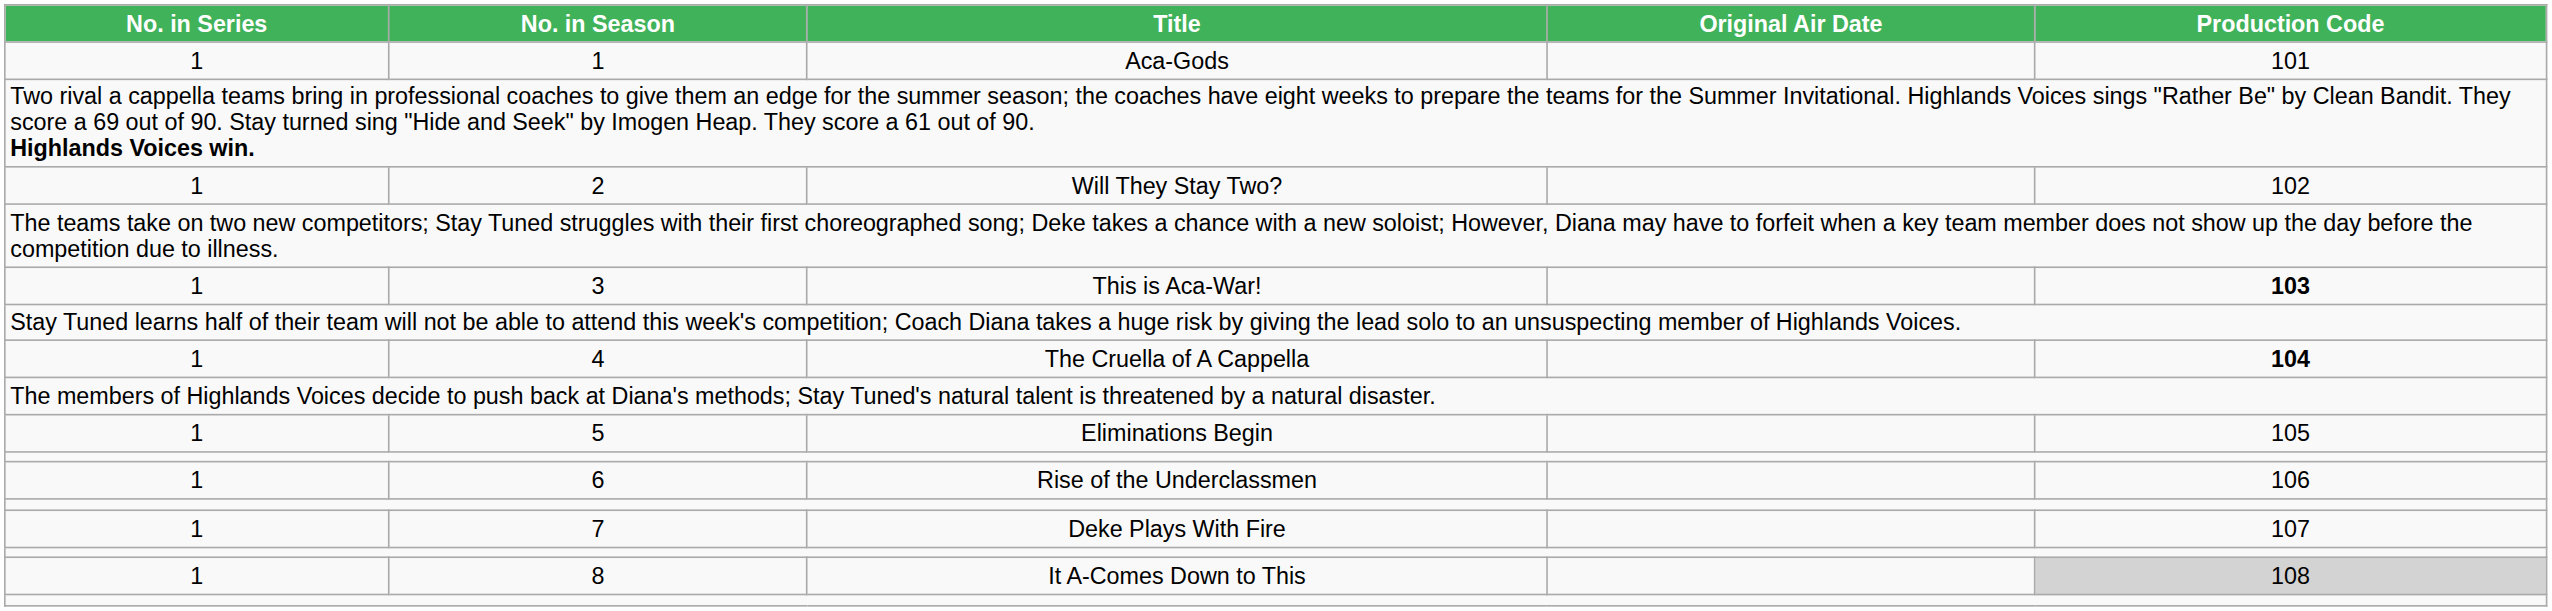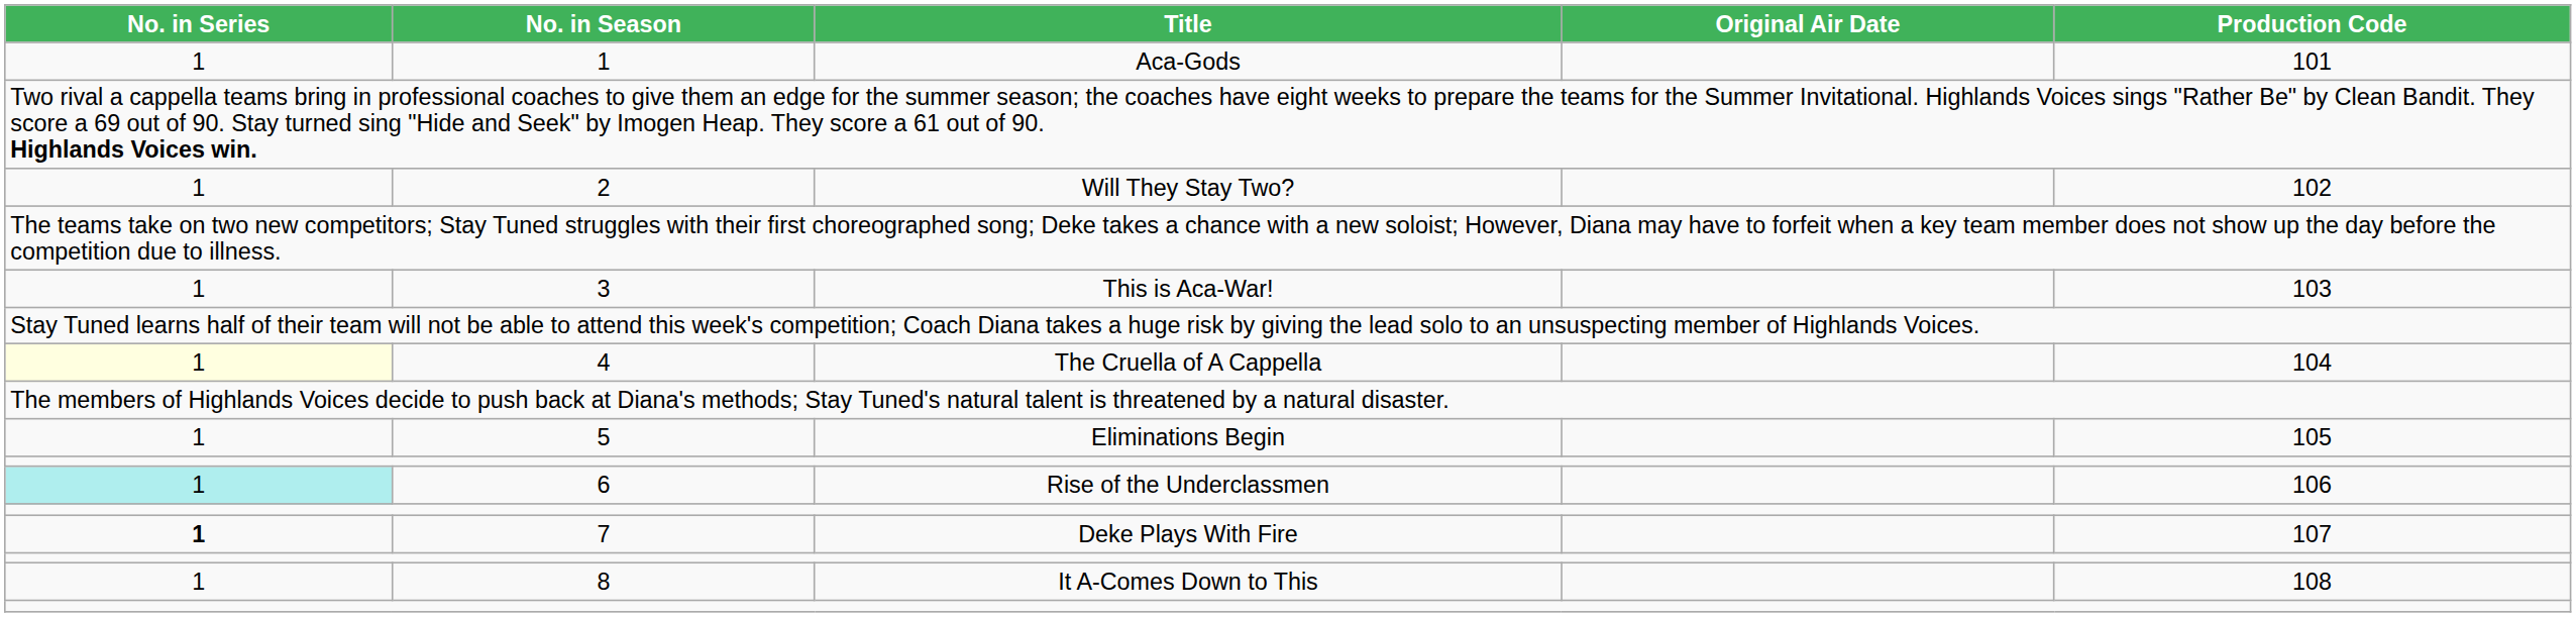 <table class="wikitable plainrowheaders" style="font-size:90%">
 <tr style="color:white;">
 <th style="background-color: #40B25A; color: #ffffff;">No. in Series</th>
 <th style="background-color: #40B25A; color: #ffffff;">No. in Season</th>
 <th style="background-color: #40B25A; color: #ffffff;">Title</th>
 <th style="background-color: #40B25A; color: #ffffff;">Original Air Date</th>
 <th style="background-color: #40B25A; color: #ffffff;">Production Code</th>
 </tr>
 <tr>
 <td style="text-align:center;">1</td>
 <td style="text-align:center;">1</td>
 <td style="text-align:center;">Aca-Gods</td>
 <td style="text-align:center;"></td>
 <td style="text-align:center;">101</td>
 </tr>
 <tr>
 <td colspan="6">Two rival a cappella teams bring in professional coaches to give them an edge for the summer season; the coaches have eight weeks to prepare the teams for the Summer Invitational. Highlands Voices sings "Rather Be" by Clean Bandit. They score a 69 out of 90. Stay turned sing "Hide and Seek" by Imogen Heap. They score a 61 out of 90.<br><strong>Highlands Voices win.</strong></td>
 </tr>
 <tr>
 <td style="text-align:center;">1</td>
 <td style="text-align:center;">2</td>
 <td style="text-align:center;">Will They Stay Two?</td>
 <td style="text-align:center;"></td>
 <td style="text-align:center;">102</td>
 </tr>
 <tr>
 <td colspan="6">The teams take on two new competitors; Stay Tuned struggles with their first choreographed song; Deke takes a chance with a new soloist; However, Diana may have to forfeit when a key team member does not show up the day before the competition due to illness.</td>
 </tr>
 <tr>
 <td style="text-align:center;">1</td>
 <td style="text-align:center;">3</td>
 <td style="text-align:center;">This is Aca-War!</td>
 <td style="text-align:center;"></td>
-<td style="text-align:center;"><strong>103</strong></td>
+<td style="text-align:center;">103</td>
 </tr>
 <tr>
 <td colspan="6">Stay Tuned learns half of their team will not be able to attend this week's competition; Coach Diana takes a huge risk by giving the lead solo to an unsuspecting member of Highlands Voices.</td>
 </tr>
 <tr>
-<td style="text-align:center;">1</td>
+<td style="background: lightyellow; text-align:center;">1</td>
 <td style="text-align:center;">4</td>
 <td style="text-align:center;">The Cruella of A Cappella</td>
 <td style="text-align:center;"></td>
-<td style="text-align:center;"><strong>104</strong></td>
+<td style="text-align:center;">104</td>
 </tr>
 <tr>
 <td colspan="6">The members of Highlands Voices decide to push back at Diana's methods; Stay Tuned's natural talent is threatened by a natural disaster.</td>
 </tr>
 <tr>
 <td style="text-align:center;">1</td>
 <td style="text-align:center;">5</td>
 <td style="text-align:center;">Eliminations Begin</td>
 <td style="text-align:center;"></td>
 <td style="text-align:center;">105</td>
 </tr>
 <tr>
 <td colspan="6"></td>
 </tr>
 <tr>
-<td style="text-align:center;">1</td>
+<td style="background: paleturquoise; text-align:center;">1</td>
 <td style="text-align:center;">6</td>
 <td style="text-align:center;">Rise of the Underclassmen</td>
 <td style="text-align:center;"></td>
 <td style="text-align:center;">106</td>
 </tr>
 <tr>
 <td colspan="6"></td>
 </tr>
 <tr>
-<td style="text-align:center;">1</td>
+<td style="text-align:center;"><strong>1</strong></td>
 <td style="text-align:center;">7</td>
 <td style="text-align:center;">Deke Plays With Fire</td>
 <td style="text-align:center;"></td>
 <td style="text-align:center;">107</td>
 </tr>
 <tr>
 <td colspan="6"></td>
 </tr>
 <tr>
 <td style="text-align:center;">1</td>
 <td style="text-align:center;">8</td>
 <td style="text-align:center;">It A-Comes Down to This</td>
 <td style="text-align:center;"></td>
-<td style="background: lightgrey; text-align:center;">108</td>
+<td style="text-align:center;">108</td>
 </tr>
 <tr>
 <td colspan="6"></td>
 </tr>
 </table>
